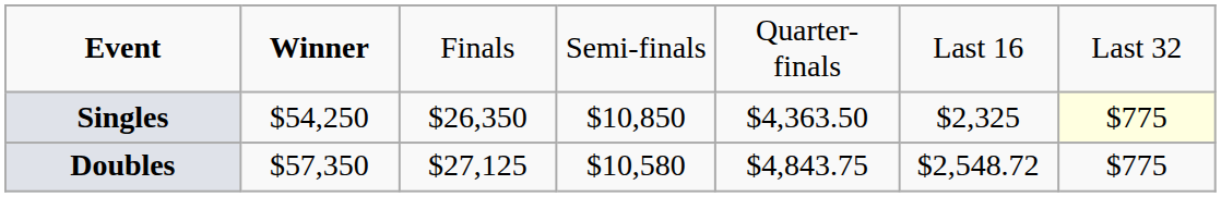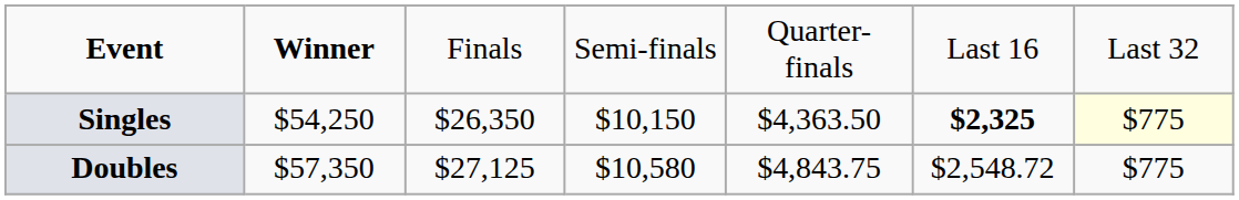 <table class=wikitable style="font-size:90%;text-align:center">
 <tr>
 <td style="width:104px;"><strong>Event</strong></td>
 <td style="width:68px;"><strong>Winner</strong></td>
 <td style="width:68px;">Finals</td>
 <td style="width:68px;">Semi-finals</td>
 <td style="width:80px;">Quarter-finals</td>
 <td style="width:68px;">Last 16</td>
 <td style="width:68px;">Last 32</td>
 </tr>
 <tr>
 <td style="background:#dfe2e9;"><strong>Singles</strong></td>
 <td>$54,250</td>
 <td>$26,350</td>
-<td>$10,850</td>
+<td>$10,150</td>
 <td>$4,363.50</td>
-<td>$2,325</td>
+<td><strong>$2,325</strong></td>
 <td style="background: lightyellow;">$775</td>
 </tr>
 <tr>
 <td style="background:#dfe2e9;"><strong>Doubles</strong></td>
 <td>$57,350</td>
 <td>$27,125</td>
 <td>$10,580</td>
 <td>$4,843.75</td>
 <td>$2,548.72</td>
 <td>$775</td>
 </tr>
 </table>
